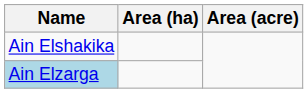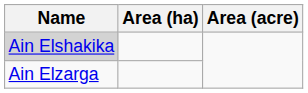 <table class="wikitable sortable">
 <tr>
 <th scope="col" align=left>Name</th>
 <th scope="col">Area (ha)</th>
 <th scope="col">Area (acre)</th>
 </tr>
 <tr ---->
-<td><a href='#'>Ain Elshakika</a></td>
+<td style="background: lightgrey;"><a href='#'>Ain Elshakika</a></td>
 <td></td>
 </tr>
 <tr ---->
-<td style="background: lightblue;"><a href='#'>Ain Elzarga</a></td>
+<td><a href='#'>Ain Elzarga</a></td>
 <td></td>
 </tr>
 </table>
